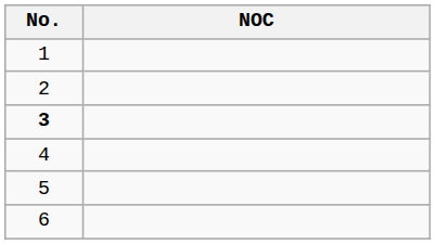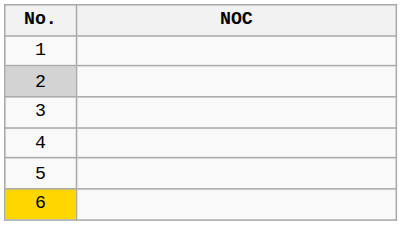 <table class="wikitable" style="text-align:center; font-size:90%">
 <tr>
 <th width=40>No.</th>
 <th width=200>NOC</th>
 </tr>
 <tr>
 <td>1</td>
 <td align=left></td>
 </tr>
 <tr>
-<td>2</td>
+<td style="background: lightgrey;">2</td>
 <td align=left></td>
 </tr>
 <tr>
-<td><strong>3</strong></td>
+<td>3</td>
 <td align=left></td>
 </tr>
 <tr>
 <td>4</td>
 <td align=left></td>
 </tr>
 <tr>
 <td>5</td>
 <td align=left></td>
 </tr>
 <tr>
-<td>6</td>
+<td style="background: gold;">6</td>
 <td align=left></td>
 </tr>
 </table>
